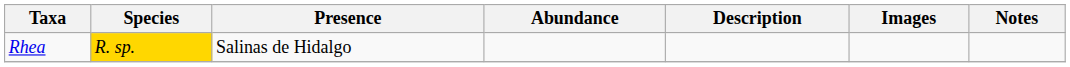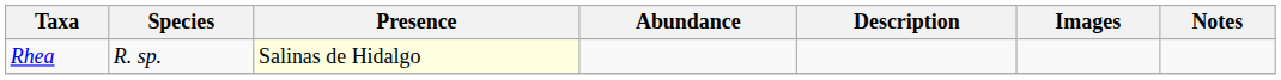 <table class="wikitable sortable" align="center" width="75%">
 <tr>
 <th>Taxa</th>
 <th>Species</th>
 <th>Presence</th>
 <th>Abundance</th>
 <th>Description</th>
 <th>Images</th>
 <th>Notes</th>
 </tr>
 <tr>
 <td><em><a href='#'>Rhea</a></em></td>
-<td style="background: gold;"><em>R. sp.</em></td>
-<td>Salinas de Hidalgo</td>
+<td><em>R. sp.</em></td>
+<td style="background: lightyellow;">Salinas de Hidalgo</td>
 <td></td>
 <td></td>
 <td></td>
 <td align=center></td>
 </tr>
 <tr>
 </tr>
 </table>
